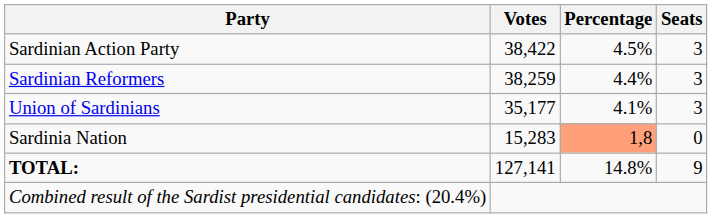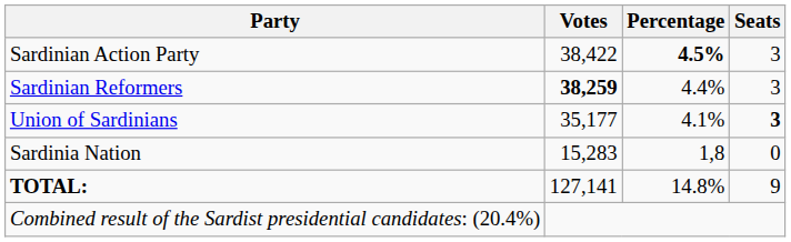 <table class="wikitable mw-collapsible" style="text-align:right">
 <tr>
 <th>Party</th>
 <th>Votes</th>
 <th>Percentage</th>
 <th>Seats</th>
 </tr>
 <tr>
 <td style="text-align:left;">Sardinian Action Party</td>
 <td>38,422</td>
-<td>4.5%</td>
+<td><strong>4.5%</strong></td>
 <td>3</td>
 </tr>
 <tr>
 <td style="text-align:left;"><a href='#'>Sardinian Reformers</a></td>
-<td>38,259</td>
+<td><strong>38,259</strong></td>
 <td>4.4%</td>
 <td>3</td>
 </tr>
 <tr>
 <td style="text-align:left;"><a href='#'>Union of Sardinians</a></td>
 <td>35,177</td>
 <td>4.1%</td>
-<td>3</td>
+<td><strong>3</strong></td>
 </tr>
 <tr>
 <td style="text-align:left;">Sardinia Nation</td>
 <td>15,283</td>
-<td style="background: lightsalmon;">1,8</td>
+<td>1,8</td>
 <td>0</td>
 </tr>
 <tr>
 <td style="text-align:left;"><strong>TOTAL:</strong></td>
 <td>127,141</td>
 <td>14.8%</td>
 <td>9</td>
 </tr>
 <tr>
 <td><em>Combined result of the Sardist presidential candidates</em>:  (20.4%)</td>
 </tr>
 </table>
